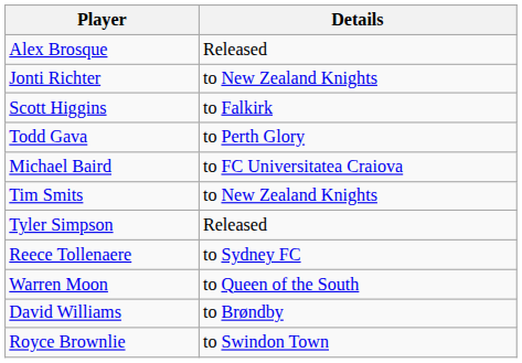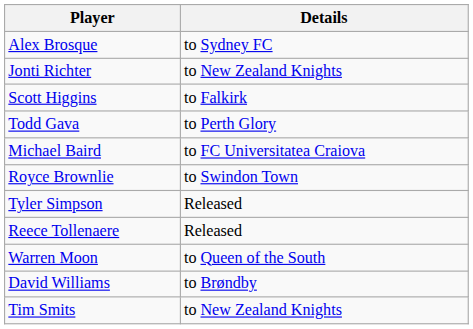 <table class="wikitable" style="font-size:90%; text-align:left; align:left;">
 <tr>
 <th width=150>Player</th>
 <th width=250>Details</th>
 </tr>
 <tr>
 <td> <a href='#'>Alex Brosque</a></td>
-<td>Released</td>
+<td>to  <a href='#'>Sydney FC</a></td>
 </tr>
 <tr>
 <td> <a href='#'>Jonti Richter</a></td>
 <td>to  <a href='#'>New Zealand Knights</a></td>
 </tr>
 <tr>
 <td> <a href='#'>Scott Higgins</a></td>
 <td>to  <a href='#'>Falkirk</a></td>
 </tr>
 <tr>
 <td> <a href='#'>Todd Gava</a></td>
 <td>to  <a href='#'>Perth Glory</a></td>
 </tr>
 <tr>
 <td> <a href='#'>Michael Baird</a></td>
 <td>to  <a href='#'>FC Universitatea Craiova</a></td>
 </tr>
 <tr>
-<td> <a href='#'>Tim Smits</a></td>
-<td>to  <a href='#'>New Zealand Knights</a></td>
+<td> <a href='#'>Royce Brownlie</a></td>
+<td>to  <a href='#'>Swindon Town</a></td>
 </tr>
 <tr>
 <td> <a href='#'>Tyler Simpson</a></td>
 <td>Released</td>
 </tr>
 <tr>
 <td> <a href='#'>Reece Tollenaere</a></td>
-<td>to  <a href='#'>Sydney FC</a></td>
+<td>Released</td>
 </tr>
 <tr>
 <td> <a href='#'>Warren Moon</a></td>
 <td>to  <a href='#'>Queen of the South</a></td>
 </tr>
 <tr>
 <td> <a href='#'>David Williams</a></td>
 <td>to  <a href='#'>Brøndby</a></td>
 </tr>
 <tr>
-<td> <a href='#'>Royce Brownlie</a></td>
-<td>to  <a href='#'>Swindon Town</a></td>
+<td> <a href='#'>Tim Smits</a></td>
+<td>to  <a href='#'>New Zealand Knights</a></td>
 </tr>
 </table>
